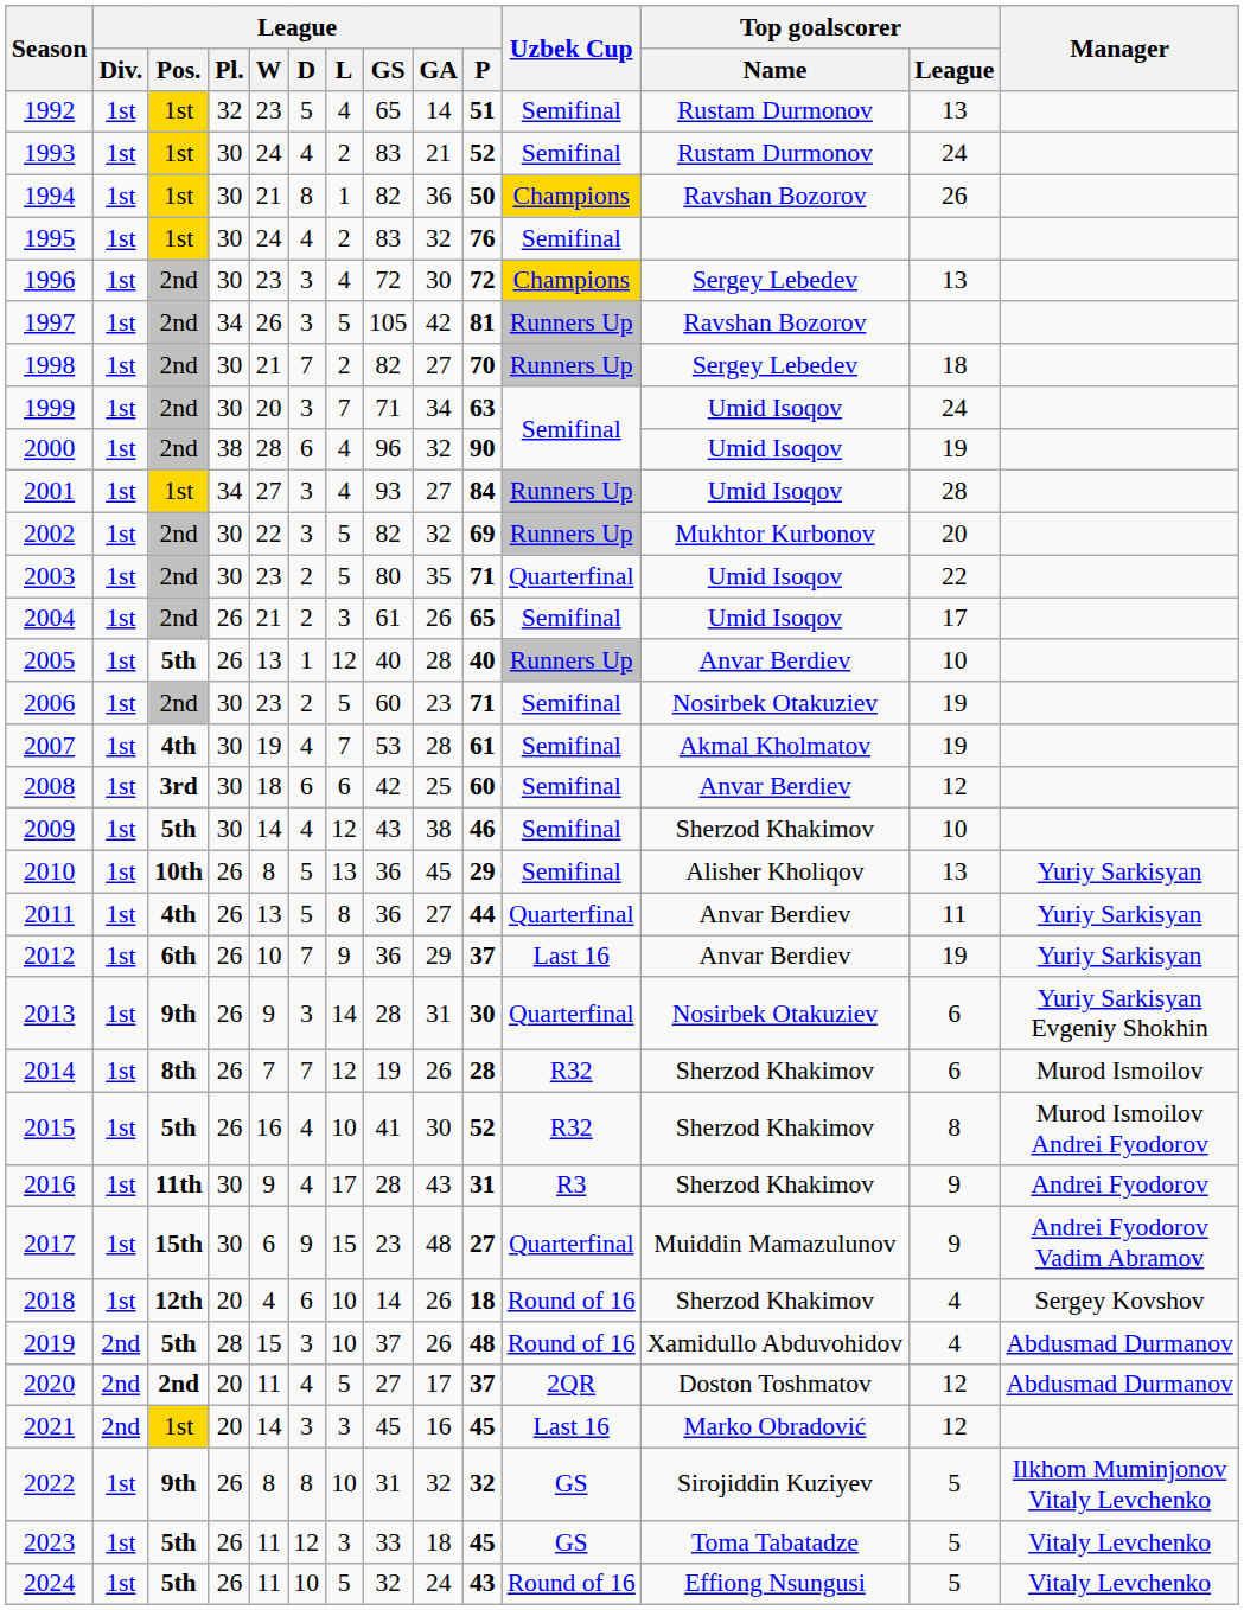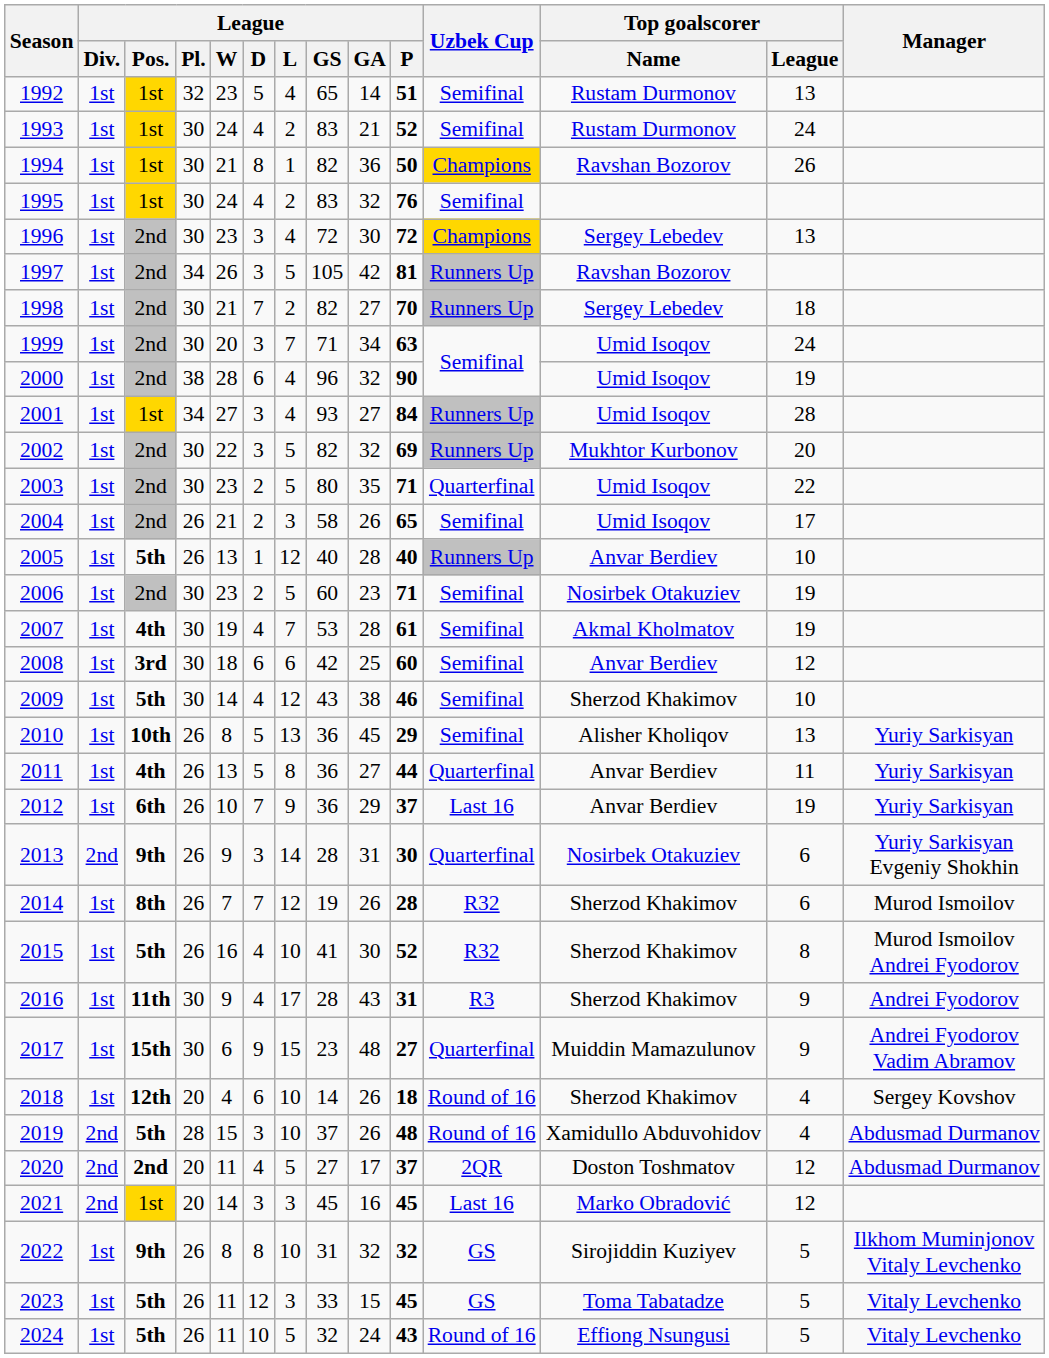 <table class="wikitable mw-collapsible mw-collapsed" align=center cellspacing="0" cellpadding="3" style="border:1px solid #AAAAAA;font-size:90%">
 <tr style="background:#efefef;">
 <th rowspan="2">Season</th>
 <th colspan="9">League</th>
 <th rowspan="2"><a href='#'>Uzbek Cup</a></th>
 <th colspan="2">Top goalscorer</th>
 <th rowspan="2">Manager</th>
 </tr>
 <tr>
 <th>Div.</th>
 <th>Pos.</th>
 <th>Pl.</th>
 <th>W</th>
 <th>D</th>
 <th>L</th>
 <th>GS</th>
 <th>GA</th>
 <th>P</th>
 <th>Name</th>
 <th>League</th>
 </tr>
 <tr>
 <td align=center><a href='#'>1992</a></td>
 <td align=center><a href='#'>1st</a></td>
 <td style="text-align:center; background:gold;">1st</td>
 <td align=center>32</td>
 <td align=center>23</td>
 <td align=center>5</td>
 <td align=center>4</td>
 <td align=center>65</td>
 <td align=center>14</td>
 <td align=center><strong>51</strong></td>
 <td align=center><a href='#'>Semifinal</a></td>
 <td align=center> <a href='#'>Rustam Durmonov</a></td>
 <td align=center>13</td>
 <td align=center></td>
 </tr>
 <tr>
 <td align=center><a href='#'>1993</a></td>
 <td align=center><a href='#'>1st</a></td>
 <td style="text-align:center; background:gold;">1st</td>
 <td align=center>30</td>
 <td align=center>24</td>
 <td align=center>4</td>
 <td align=center>2</td>
 <td align=center>83</td>
 <td align=center>21</td>
 <td align=center><strong>52</strong></td>
 <td align=center><a href='#'>Semifinal</a></td>
 <td align=center> <a href='#'>Rustam Durmonov</a></td>
 <td align=center>24</td>
 <td align=center></td>
 </tr>
 <tr>
 <td align=center><a href='#'>1994</a></td>
 <td align=center><a href='#'>1st</a></td>
 <td style="text-align:center; background:gold;">1st</td>
 <td align=center>30</td>
 <td align=center>21</td>
 <td align=center>8</td>
 <td align=center>1</td>
 <td align=center>82</td>
 <td align=center>36</td>
 <td align=center><strong>50</strong></td>
 <td style="text-align:center; background:gold;"><a href='#'>Champions</a></td>
 <td align=center> <a href='#'>Ravshan Bozorov</a></td>
 <td align=center>26</td>
 <td align=center></td>
 </tr>
 <tr>
 <td align=center><a href='#'>1995</a></td>
 <td align=center><a href='#'>1st</a></td>
 <td style="text-align:center; background:gold;">1st</td>
 <td align=center>30</td>
 <td align=center>24</td>
 <td align=center>4</td>
 <td align=center>2</td>
 <td align=center>83</td>
 <td align=center>32</td>
 <td align=center><strong>76</strong></td>
 <td align=center><a href='#'>Semifinal</a></td>
 <td align=center></td>
 <td align=center></td>
 <td align=center></td>
 </tr>
 <tr>
 <td align=center><a href='#'>1996</a></td>
 <td align=center><a href='#'>1st</a></td>
 <td style="text-align:center; background:silver;">2nd</td>
 <td align=center>30</td>
 <td align=center>23</td>
 <td align=center>3</td>
 <td align=center>4</td>
 <td align=center>72</td>
 <td align=center>30</td>
 <td align=center><strong>72</strong></td>
 <td style="text-align:center; background:gold;"><a href='#'>Champions</a></td>
 <td align=center> <a href='#'>Sergey Lebedev</a></td>
 <td align=center>13</td>
 <td align=center></td>
 </tr>
 <tr>
 <td align=center><a href='#'>1997</a></td>
 <td align=center><a href='#'>1st</a></td>
 <td style="text-align:center; background:silver;">2nd</td>
 <td align=center>34</td>
 <td align=center>26</td>
 <td align=center>3</td>
 <td align=center>5</td>
 <td align=center>105</td>
 <td align=center>42</td>
 <td align=center><strong>81</strong></td>
 <td style="text-align:center; background:silver;"><a href='#'>Runners Up</a></td>
 <td align=center> <a href='#'>Ravshan Bozorov</a></td>
 <td align=center></td>
 <td align=center></td>
 </tr>
 <tr>
 <td align=center><a href='#'>1998</a></td>
 <td align=center><a href='#'>1st</a></td>
 <td style="text-align:center; background:silver;">2nd</td>
 <td align=center>30</td>
 <td align=center>21</td>
 <td align=center>7</td>
 <td align=center>2</td>
 <td align=center>82</td>
 <td align=center>27</td>
 <td align=center><strong>70</strong></td>
 <td style="text-align:center; background:silver;"><a href='#'>Runners Up</a></td>
 <td align=center> <a href='#'>Sergey Lebedev</a></td>
 <td align=center>18</td>
 <td align=center></td>
 </tr>
 <tr>
 <td align=center><a href='#'>1999</a></td>
 <td align=center><a href='#'>1st</a></td>
 <td style="text-align:center; background:silver;">2nd</td>
 <td align=center>30</td>
 <td align=center>20</td>
 <td align=center>3</td>
 <td align=center>7</td>
 <td align=center>71</td>
 <td align=center>34</td>
 <td align=center><strong>63</strong></td>
 <td rowspan="2" align=center><a href='#'>Semifinal</a></td>
 <td align=center> <a href='#'>Umid Isoqov</a></td>
 <td align=center>24</td>
 <td align=center></td>
 </tr>
 <tr>
 <td align=center><a href='#'>2000</a></td>
 <td align=center><a href='#'>1st</a></td>
 <td style="text-align:center; background:silver;">2nd</td>
 <td align=center>38</td>
 <td align=center>28</td>
 <td align=center>6</td>
 <td align=center>4</td>
 <td align=center>96</td>
 <td align=center>32</td>
 <td align=center><strong>90</strong></td>
 <td align=center> <a href='#'>Umid Isoqov</a></td>
 <td align=center>19</td>
 <td align=center></td>
 </tr>
 <tr>
 <td align=center><a href='#'>2001</a></td>
 <td align=center><a href='#'>1st</a></td>
 <td style="text-align:center; background:gold;">1st</td>
 <td align=center>34</td>
 <td align=center>27</td>
 <td align=center>3</td>
 <td align=center>4</td>
 <td align=center>93</td>
 <td align=center>27</td>
 <td align=center><strong>84</strong></td>
 <td style="text-align:center; background:silver;"><a href='#'>Runners Up</a></td>
 <td align=center> <a href='#'>Umid Isoqov</a></td>
 <td align=center>28</td>
 <td align=center></td>
 </tr>
 <tr>
 <td align=center><a href='#'>2002</a></td>
 <td align=center><a href='#'>1st</a></td>
 <td style="text-align:center; background:silver;">2nd</td>
 <td align=center>30</td>
 <td align=center>22</td>
 <td align=center>3</td>
 <td align=center>5</td>
 <td align=center>82</td>
 <td align=center>32</td>
 <td align=center><strong>69</strong></td>
 <td style="text-align:center; background:silver;"><a href='#'>Runners Up</a></td>
 <td align=center> <a href='#'>Mukhtor Kurbonov</a></td>
 <td align=center>20</td>
 <td align=center></td>
 </tr>
 <tr>
 <td align=center><a href='#'>2003</a></td>
 <td align=center><a href='#'>1st</a></td>
 <td style="text-align:center; background:silver;">2nd</td>
 <td align=center>30</td>
 <td align=center>23</td>
 <td align=center>2</td>
 <td align=center>5</td>
 <td align=center>80</td>
 <td align=center>35</td>
 <td align=center><strong>71</strong></td>
 <td style="text-align:center;"><a href='#'>Quarterfinal</a></td>
 <td align=center> <a href='#'>Umid Isoqov</a></td>
 <td align=center>22</td>
 <td align=center></td>
 </tr>
 <tr>
 <td align=center><a href='#'>2004</a></td>
 <td align=center><a href='#'>1st</a></td>
 <td style="text-align:center; background:silver;">2nd</td>
 <td align=center>26</td>
 <td align=center>21</td>
 <td align=center>2</td>
 <td align=center>3</td>
-<td align=center>61</td>
+<td align=center>58</td>
 <td align=center>26</td>
 <td align=center><strong>65</strong></td>
 <td align=center><a href='#'>Semifinal</a></td>
 <td align=center> <a href='#'>Umid Isoqov</a></td>
 <td align=center>17</td>
 <td align=center></td>
 </tr>
 <tr>
 <td align=center><a href='#'>2005</a></td>
 <td align=center><a href='#'>1st</a></td>
 <td align=center><strong>5th</strong></td>
 <td align=center>26</td>
 <td align=center>13</td>
 <td align=center>1</td>
 <td align=center>12</td>
 <td align=center>40</td>
 <td align=center>28</td>
 <td align=center><strong>40</strong></td>
 <td style="text-align:center; background:silver;"><a href='#'>Runners Up</a></td>
 <td align=center> <a href='#'>Anvar Berdiev</a></td>
 <td align=center>10</td>
 <td align=center></td>
 </tr>
 <tr>
 <td align=center><a href='#'>2006</a></td>
 <td align=center><a href='#'>1st</a></td>
 <td style="text-align:center; background:silver;">2nd</td>
 <td align=center>30</td>
 <td align=center>23</td>
 <td align=center>2</td>
 <td align=center>5</td>
 <td align=center>60</td>
 <td align=center>23</td>
 <td align=center><strong>71</strong></td>
 <td align=center><a href='#'>Semifinal</a></td>
 <td align=center> <a href='#'>Nosirbek Otakuziev</a></td>
 <td align=center>19</td>
 <td align=center></td>
 </tr>
 <tr>
 <td align=center><a href='#'>2007</a></td>
 <td align=center><a href='#'>1st</a></td>
 <td align=center><strong>4th</strong></td>
 <td align=center>30</td>
 <td align=center>19</td>
 <td align=center>4</td>
 <td align=center>7</td>
 <td align=center>53</td>
 <td align=center>28</td>
 <td align=center><strong>61</strong></td>
 <td align=center><a href='#'>Semifinal</a></td>
 <td align=center> <a href='#'>Akmal Kholmatov</a></td>
 <td align=center>19</td>
 <td align=center></td>
 </tr>
 <tr>
 <td align=center><a href='#'>2008</a></td>
 <td align=center><a href='#'>1st</a></td>
 <td align=center><strong>3rd</strong></td>
 <td align=center>30</td>
 <td align=center>18</td>
 <td align=center>6</td>
 <td align=center>6</td>
 <td align=center>42</td>
 <td align=center>25</td>
 <td align=center><strong>60</strong></td>
 <td align=center><a href='#'>Semifinal</a></td>
 <td align=center> <a href='#'>Anvar Berdiev</a></td>
 <td align=center>12</td>
 <td align=center></td>
 </tr>
 <tr>
 <td align=center><a href='#'>2009</a></td>
 <td align=center><a href='#'>1st</a></td>
 <td align=center><strong>5th</strong></td>
 <td align=center>30</td>
 <td align=center>14</td>
 <td align=center>4</td>
 <td align=center>12</td>
 <td align=center>43</td>
 <td align=center>38</td>
 <td align=center><strong>46</strong></td>
 <td align=center><a href='#'>Semifinal</a></td>
 <td align=center> Sherzod Khakimov</td>
 <td align=center>10</td>
 <td align=center></td>
 </tr>
 <tr>
 <td align=center><a href='#'>2010</a></td>
 <td align=center><a href='#'>1st</a></td>
 <td align=center><strong>10th</strong></td>
 <td align=center>26</td>
 <td align=center>8</td>
 <td align=center>5</td>
 <td align=center>13</td>
 <td align=center>36</td>
 <td align=center>45</td>
 <td align=center><strong>29</strong></td>
 <td align=center><a href='#'>Semifinal</a></td>
 <td align=center> Alisher Kholiqov</td>
 <td align=center>13</td>
 <td align=center> <a href='#'>Yuriy Sarkisyan</a></td>
 </tr>
 <tr>
 <td align=center><a href='#'>2011</a></td>
 <td align=center><a href='#'>1st</a></td>
 <td align=center><strong>4th</strong></td>
 <td align=center>26</td>
 <td align=center>13</td>
 <td align=center>5</td>
 <td align=center>8</td>
 <td align=center>36</td>
 <td align=center>27</td>
 <td align=center><strong>44</strong></td>
 <td align=center><a href='#'>Quarterfinal</a></td>
 <td align=center> Anvar Berdiev</td>
 <td align=center>11</td>
 <td align=center> <a href='#'>Yuriy Sarkisyan</a></td>
 </tr>
 <tr>
 <td align=center><a href='#'>2012</a></td>
 <td align=center><a href='#'>1st</a></td>
 <td align=center><strong>6th</strong></td>
 <td align=center>26</td>
 <td align=center>10</td>
 <td align=center>7</td>
 <td align=center>9</td>
 <td align=center>36</td>
 <td align=center>29</td>
 <td align=center><strong>37</strong></td>
 <td align=center><a href='#'>Last 16</a></td>
 <td align=center> Anvar Berdiev</td>
 <td align=center>19</td>
 <td align=center> <a href='#'>Yuriy Sarkisyan</a></td>
 </tr>
 <tr>
 <td align=center><a href='#'>2013</a></td>
-<td align=center><a href='#'>1st</a></td>
+<td align=center><a href='#'>2nd</a></td>
 <td align=center><strong>9th</strong></td>
 <td align=center>26</td>
 <td align=center>9</td>
 <td align=center>3</td>
 <td align=center>14</td>
 <td align=center>28</td>
 <td align=center>31</td>
 <td align=center><strong>30</strong></td>
 <td align=center><a href='#'>Quarterfinal</a></td>
 <td align=center> <a href='#'>Nosirbek Otakuziev</a></td>
 <td align=center>6</td>
 <td align=center> <a href='#'>Yuriy Sarkisyan</a> <br>  Evgeniy Shokhin</td>
 </tr>
 <tr>
 <td align=center><a href='#'>2014</a></td>
 <td align=center><a href='#'>1st</a></td>
 <td align=center><strong>8th</strong></td>
 <td align=center>26</td>
 <td align=center>7</td>
 <td align=center>7</td>
 <td align=center>12</td>
 <td align=center>19</td>
 <td align=center>26</td>
 <td align=center><strong>28</strong></td>
 <td align=center><a href='#'>R32</a></td>
 <td align=center> Sherzod Khakimov</td>
 <td align=center>6</td>
 <td align=center> Murod Ismoilov</td>
 </tr>
 <tr>
 <td align=center><a href='#'>2015</a></td>
 <td align=center><a href='#'>1st</a></td>
 <td align=center><strong>5th</strong></td>
 <td align=center>26</td>
 <td align=center>16</td>
 <td align=center>4</td>
 <td align=center>10</td>
 <td align=center>41</td>
 <td align=center>30</td>
 <td align=center><strong>52</strong></td>
 <td align=center><a href='#'>R32</a></td>
 <td align=center> Sherzod Khakimov</td>
 <td align=center>8</td>
 <td align=center> Murod Ismoilov <br>  <a href='#'>Andrei Fyodorov</a></td>
 </tr>
 <tr>
 <td align=center><a href='#'>2016</a></td>
 <td align=center><a href='#'>1st</a></td>
 <td align=center><strong>11th</strong></td>
 <td align=center>30</td>
 <td align=center>9</td>
 <td align=center>4</td>
 <td align=center>17</td>
 <td align=center>28</td>
 <td align=center>43</td>
 <td align=center><strong>31</strong></td>
 <td align=center><a href='#'>R3</a></td>
 <td align=center> Sherzod Khakimov</td>
 <td align=center>9</td>
 <td align=center> <a href='#'>Andrei Fyodorov</a></td>
 </tr>
 <tr>
 <td align=center><a href='#'>2017</a></td>
 <td align=center><a href='#'>1st</a></td>
 <td align:center><strong>15th</strong></td>
 <td align=center>30</td>
 <td align=center>6</td>
 <td align=center>9</td>
 <td align=center>15</td>
 <td align=center>23</td>
 <td align=center>48</td>
 <td align=center><strong>27</strong></td>
 <td align=center><a href='#'>Quarterfinal</a></td>
 <td align=center> Muiddin Mamazulunov</td>
 <td align=center>9</td>
 <td align=center> <a href='#'>Andrei Fyodorov</a> <br>  <a href='#'>Vadim Abramov</a></td>
 </tr>
 <tr>
 <td align=center><a href='#'>2018</a></td>
 <td align=center><a href='#'>1st</a></td>
 <td align=center><strong>12th</strong></td>
 <td align=center>20</td>
 <td align=center>4</td>
 <td align=center>6</td>
 <td align=center>10</td>
 <td align=center>14</td>
 <td align=center>26</td>
 <td align=center><strong>18</strong></td>
 <td align=center><a href='#'>Round of 16</a></td>
 <td align=center> Sherzod Khakimov</td>
 <td align=center>4</td>
 <td align=center> Sergey Kovshov</td>
 </tr>
 <tr>
 <td align=center><a href='#'>2019</a></td>
 <td align=center><a href='#'>2nd</a></td>
 <td align=center><strong>5th</strong></td>
 <td align=center>28</td>
 <td align=center>15</td>
 <td align=center>3</td>
 <td align=center>10</td>
 <td align=center>37</td>
 <td align=center>26</td>
 <td align=center><strong>48</strong></td>
 <td align=center><a href='#'>Round of 16</a></td>
 <td align=center> Xamidullo Abduvohidov</td>
 <td align=center>4</td>
 <td align=center> <a href='#'>Abdusmad Durmanov</a></td>
 </tr>
 <tr>
 <td align=center><a href='#'>2020</a></td>
 <td align=center><a href='#'>2nd</a></td>
 <td align=center><strong>2nd</strong></td>
 <td align=center>20</td>
 <td align=center>11</td>
 <td align=center>4</td>
 <td align=center>5</td>
 <td align=center>27</td>
 <td align=center>17</td>
 <td align=center><strong>37</strong></td>
 <td align=center><a href='#'>2QR</a></td>
 <td align=center> Doston Toshmatov</td>
 <td align=center>12</td>
 <td align=center> <a href='#'>Abdusmad Durmanov</a></td>
 </tr>
 <tr>
 <td align=center><a href='#'>2021</a></td>
 <td align=center><a href='#'>2nd</a></td>
 <td style="text-align:center; background:gold;">1st</td>
 <td align=center>20</td>
 <td align=center>14</td>
 <td align=center>3</td>
 <td align=center>3</td>
 <td align=center>45</td>
 <td align=center>16</td>
 <td align=center><strong>45</strong></td>
 <td align=center><a href='#'>Last 16</a></td>
 <td align=center> <a href='#'>Marko Obradović</a></td>
 <td align=center>12</td>
 <td align=center></td>
 </tr>
 <tr>
 <td align=center><a href='#'>2022</a></td>
 <td align=center><a href='#'>1st</a></td>
 <td align=center><strong>9th</strong></td>
 <td align=center>26</td>
 <td align=center>8</td>
 <td align=center>8</td>
 <td align=center>10</td>
 <td align=center>31</td>
 <td align=center>32</td>
 <td align=center><strong>32</strong></td>
 <td align=center><a href='#'>GS</a></td>
 <td align=center> Sirojiddin Kuziyev</td>
 <td align=center>5</td>
 <td align=center> <a href='#'>Ilkhom Muminjonov</a> <br>  <a href='#'>Vitaly Levchenko</a></td>
 </tr>
 <tr>
 <td align=center><a href='#'>2023</a></td>
 <td align=center><a href='#'>1st</a></td>
 <td align=center><strong>5th</strong></td>
 <td align=center>26</td>
 <td align=center>11</td>
 <td align=center>12</td>
 <td align=center>3</td>
 <td align=center>33</td>
-<td align=center>18</td>
+<td align=center>15</td>
 <td align=center><strong>45</strong></td>
 <td align=center><a href='#'>GS</a></td>
 <td align=center> <a href='#'>Toma Tabatadze</a></td>
 <td align=center>5</td>
 <td align=center> <a href='#'>Vitaly Levchenko</a></td>
 </tr>
 <tr>
 <td align=center><a href='#'>2024</a></td>
 <td align=center><a href='#'>1st</a></td>
 <td align=center><strong>5th</strong></td>
 <td align=center>26</td>
 <td align=center>11</td>
 <td align=center>10</td>
 <td align=center>5</td>
 <td align=center>32</td>
 <td align=center>24</td>
 <td align=center><strong>43</strong></td>
 <td align=center><a href='#'>Round of 16</a></td>
 <td align=center> <a href='#'>Effiong Nsungusi</a></td>
 <td align=center>5</td>
 <td align=center> <a href='#'>Vitaly Levchenko</a></td>
 </tr>
 </table>
